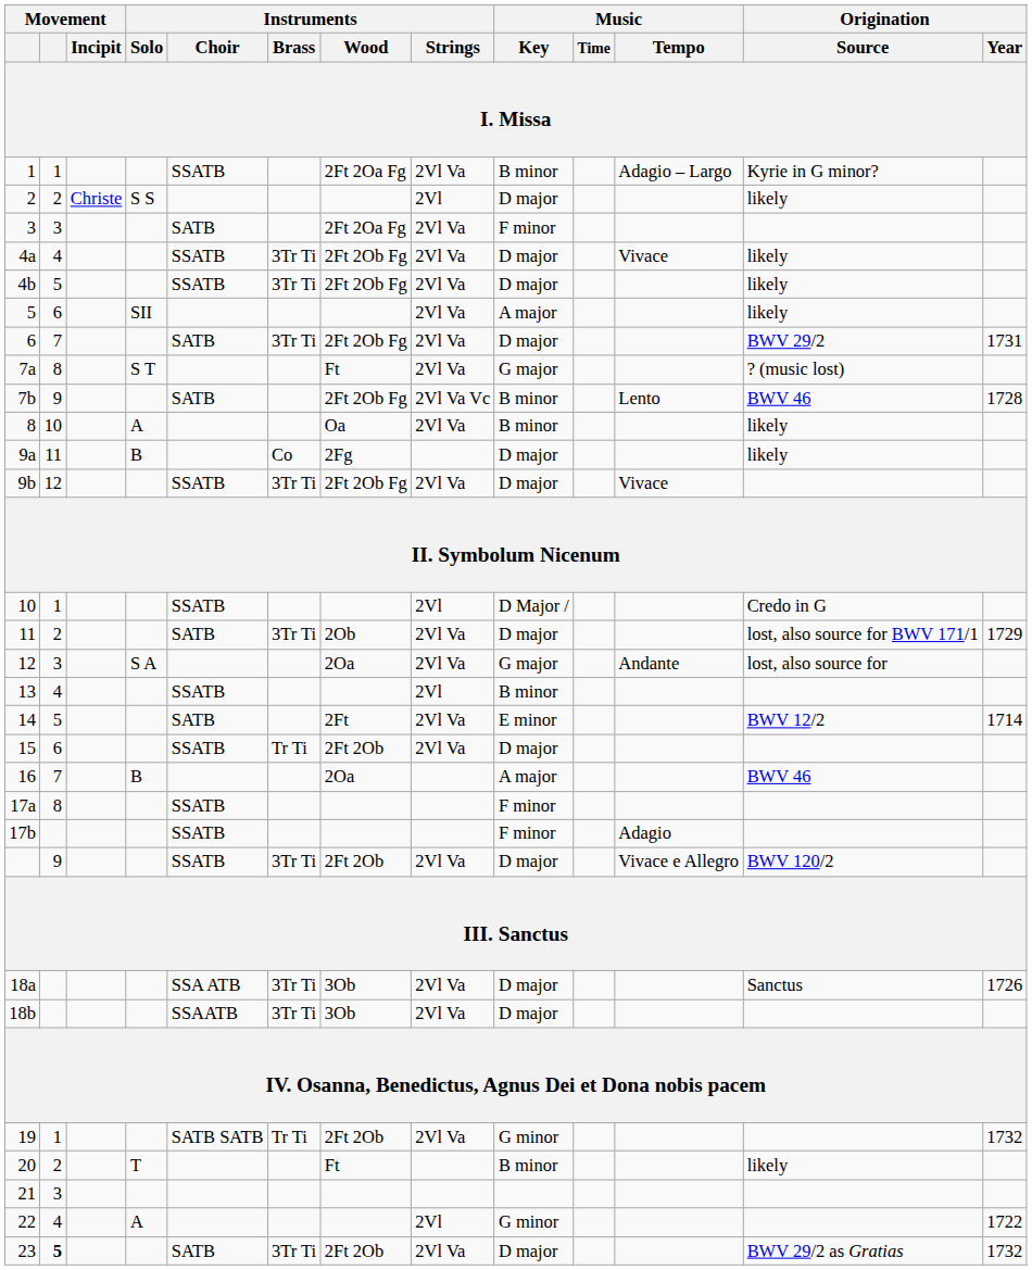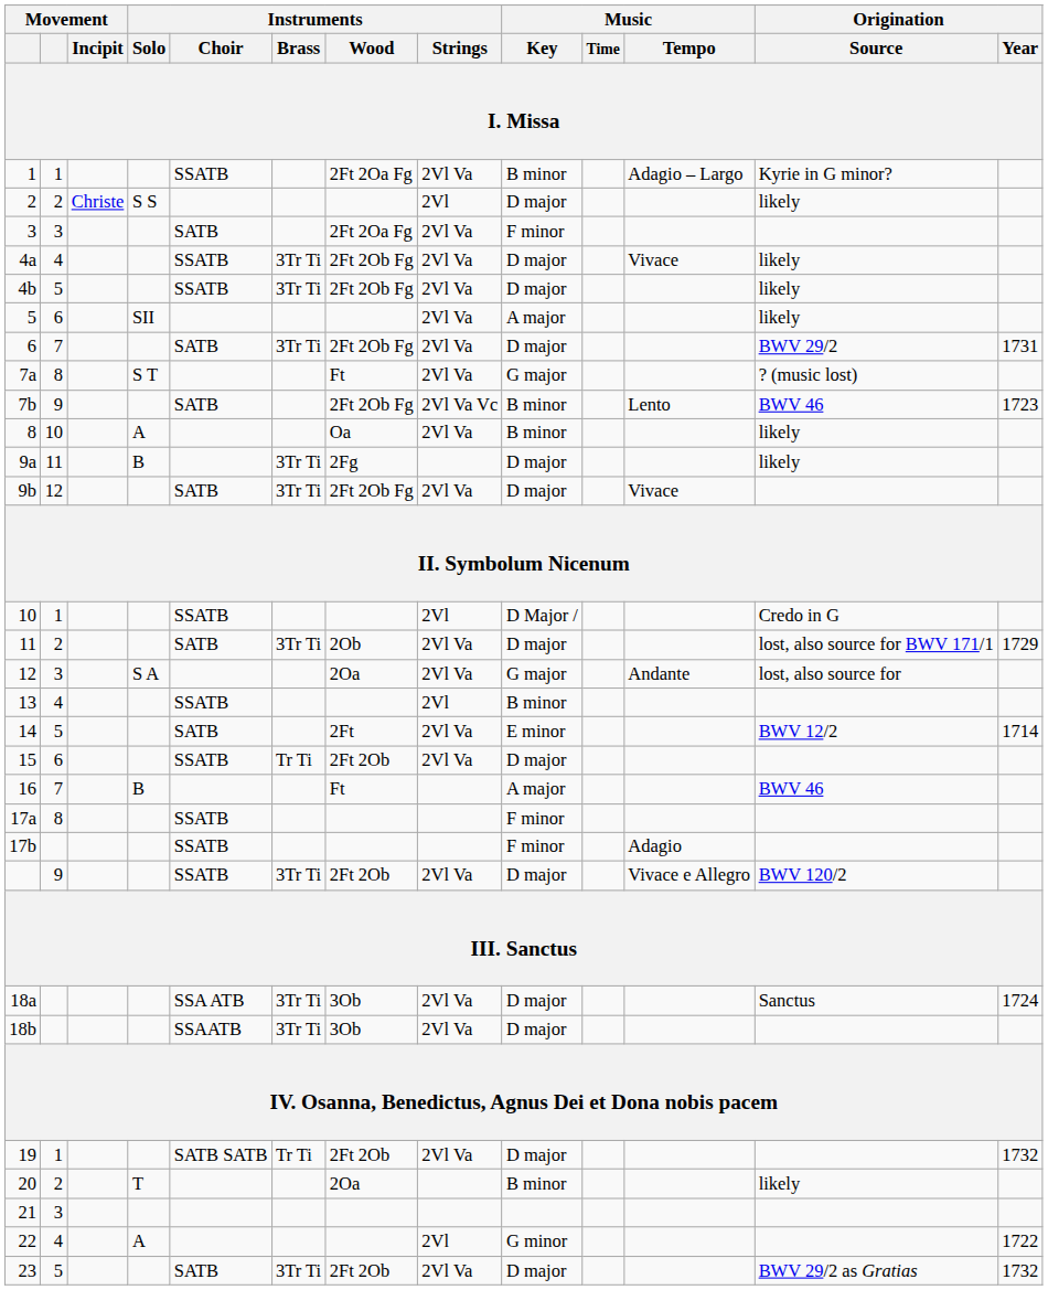 <table class="wikitable">
 <tr>
 </tr>
 <tr>
 <th colspan="3">Movement</th>
 <th colspan="5">Instruments</th>
 <th colspan="3">Music</th>
 <th colspan="2">Origination</th>
 </tr>
 <tr>
 <th scope="col"><small></small></th>
 <th scope="col"><small></small></th>
 <th scope="col">Incipit</th>
 <th scope="col">Solo</th>
 <th scope="col">Choir</th>
 <th scope="col">Brass</th>
 <th scope="col">Wood</th>
 <th scope="col">Strings</th>
 <th scope="col">Key</th>
 <th scope="col"><small>Time</small></th>
 <th scope="col">Tempo</th>
 <th scope="col">Source</th>
 <th scope="col">Year</th>
 </tr>
 <tr id="I">
 <th colspan="13"><br><h3>I. Missa</h3></th>
 </tr>
 <tr id ="1">
 <td scope="row" style="text-align: right;">1</td>
 <td style="text-align: right;">1</td>
 <td><strong></strong></td>
 <td></td>
 <td>SSATB</td>
 <td></td>
 <td>2Ft 2Oa Fg</td>
 <td>2Vl Va</td>
 <td>B minor</td>
 <td align="center"></td>
 <td>Adagio – Largo</td>
 <td>Kyrie in G minor?</td>
 <td></td>
 </tr>
 <tr id ="2">
 <td scope="row" style="text-align: right;">2</td>
 <td style="text-align: right;">2</td>
 <td><a href='#'>Christe</a></td>
 <td>S S</td>
 <td></td>
 <td></td>
 <td></td>
 <td>2Vl</td>
 <td>D major</td>
 <td align="center"></td>
 <td></td>
 <td>likely</td>
 <td></td>
 </tr>
 <tr id ="3">
 <td scope="row" style="text-align: right;">3</td>
 <td style="text-align: right;">3</td>
 <td></td>
 <td></td>
 <td>SATB</td>
 <td></td>
 <td>2Ft 2Oa Fg</td>
 <td>2Vl Va</td>
 <td>F minor</td>
 <td align="center"></td>
 <td></td>
 <td></td>
 <td></td>
 </tr>
 <tr id ="4">
 <td scope="row" style="text-align: right;">4a</td>
 <td style="text-align: right;">4</td>
 <td><strong></strong></td>
 <td></td>
 <td>SSATB</td>
 <td>3Tr Ti</td>
 <td>2Ft 2Ob Fg</td>
 <td>2Vl Va</td>
 <td>D major</td>
 <td align="center"></td>
 <td>Vivace</td>
 <td>likely</td>
 <td></td>
 </tr>
 <tr id ="4b">
 <td scope="row" style="text-align: right;">4b</td>
 <td style="text-align: right;">5</td>
 <td></td>
 <td></td>
 <td>SSATB</td>
 <td>3Tr Ti</td>
 <td>2Ft 2Ob Fg</td>
 <td>2Vl Va</td>
 <td>D major</td>
 <td align="center"></td>
 <td></td>
 <td>likely</td>
 <td></td>
 </tr>
 <tr id ="5">
 <td scope="row" style="text-align: right;">5</td>
 <td style="text-align: right;">6</td>
 <td></td>
 <td>SII</td>
 <td></td>
 <td></td>
 <td></td>
 <td>2Vl Va</td>
 <td>A major</td>
 <td align="center"></td>
 <td></td>
 <td>likely</td>
 <td></td>
 </tr>
 <tr id ="6">
 <td scope="row" style="text-align: right;">6</td>
 <td style="text-align: right;">7</td>
 <td></td>
 <td></td>
 <td>SATB</td>
 <td>3Tr Ti</td>
 <td>2Ft 2Ob Fg</td>
 <td>2Vl Va</td>
 <td>D major</td>
 <td align="center"></td>
 <td></td>
 <td><a href='#'>BWV 29</a>/2</td>
 <td>1731</td>
 </tr>
 <tr id ="7">
 <td scope="row" style="text-align: right;">7a</td>
 <td style="text-align: right;">8</td>
 <td></td>
 <td>S T</td>
 <td></td>
 <td></td>
 <td>Ft</td>
 <td>2Vl Va</td>
 <td>G major</td>
 <td align="center"></td>
 <td></td>
 <td>? (music lost)</td>
 <td></td>
 </tr>
 <tr id ="7b">
 <td scope="row" style="text-align: right;">7b</td>
 <td style="text-align: right;">9</td>
 <td></td>
 <td></td>
 <td>SATB</td>
 <td></td>
 <td>2Ft 2Ob Fg</td>
 <td>2Vl Va Vc</td>
 <td>B minor</td>
 <td align="center"></td>
 <td>Lento</td>
 <td><a href='#'>BWV 46</a></td>
-<td>1728</td>
+<td>1723</td>
 </tr>
 <tr id ="8">
 <td scope="row" style="text-align: right;">8</td>
 <td style="text-align: right;">10</td>
 <td></td>
 <td>A</td>
 <td></td>
 <td></td>
 <td>Oa</td>
 <td>2Vl Va</td>
 <td>B minor</td>
 <td align="center"></td>
 <td></td>
 <td>likely</td>
 <td></td>
 </tr>
 <tr id ="9">
 <td scope="row" style="text-align: right;">9a</td>
 <td style="text-align: right;">11</td>
 <td></td>
 <td>B</td>
 <td></td>
-<td>Co</td>
+<td>3Tr Ti</td>
 <td>2Fg</td>
 <td></td>
 <td>D major</td>
 <td align="center"></td>
 <td></td>
 <td>likely</td>
 <td></td>
 </tr>
 <tr id ="9b">
 <td scope="row" style="text-align: right;">9b</td>
 <td style="text-align: right;">12</td>
 <td></td>
 <td></td>
-<td>SSATB</td>
+<td>SATB</td>
 <td>3Tr Ti</td>
 <td>2Ft 2Ob Fg</td>
 <td>2Vl Va</td>
 <td>D major</td>
 <td align="center"></td>
 <td>Vivace</td>
 <td></td>
 <td></td>
 </tr>
 <tr id="II">
 <th colspan="13"><br><h3>II. Symbolum Nicenum</h3></th>
 </tr>
 <tr id ="10">
 <td scope="row" style="text-align: right;">10</td>
 <td style="text-align: right;">1</td>
 <td></td>
 <td></td>
 <td>SSATB</td>
 <td></td>
 <td></td>
 <td>2Vl</td>
 <td>D Major / </td>
 <td align="center"></td>
 <td></td>
 <td>Credo in G</td>
 <td></td>
 </tr>
 <tr id ="11">
 <td scope="row" style="text-align: right;">11</td>
 <td style="text-align: right;">2</td>
 <td></td>
 <td></td>
 <td>SATB</td>
 <td>3Tr Ti</td>
 <td>2Ob</td>
 <td>2Vl Va</td>
 <td>D major</td>
 <td align="center"></td>
 <td></td>
 <td>lost, also source for <a href='#'>BWV 171</a>/1</td>
 <td>1729</td>
 </tr>
 <tr id ="12">
 <td scope="row" style="text-align: right;">12</td>
 <td style="text-align: right;">3</td>
 <td></td>
 <td>S A</td>
 <td></td>
 <td></td>
 <td>2Oa</td>
 <td>2Vl Va</td>
 <td>G major</td>
 <td align="center"></td>
 <td>Andante</td>
 <td>lost, also source for </td>
 <td></td>
 </tr>
 <tr id ="13">
 <td scope="row" style="text-align: right;">13</td>
 <td style="text-align: right;">4</td>
 <td></td>
 <td></td>
 <td>SSATB</td>
 <td></td>
 <td></td>
 <td>2Vl</td>
 <td>B minor</td>
 <td align="center"></td>
 <td></td>
 <td></td>
 <td></td>
 </tr>
 <tr id ="14">
 <td scope="row" style="text-align: right;">14</td>
 <td style="text-align: right;">5</td>
 <td></td>
 <td></td>
 <td>SATB</td>
 <td></td>
 <td>2Ft</td>
 <td>2Vl Va</td>
 <td>E minor</td>
 <td align="center"></td>
 <td></td>
 <td><a href='#'>BWV 12</a>/2</td>
 <td>1714</td>
 </tr>
 <tr id ="15">
 <td scope="row" style="text-align: right;">15</td>
 <td style="text-align: right;">6</td>
 <td></td>
 <td></td>
 <td>SSATB</td>
 <td>Tr Ti</td>
 <td>2Ft 2Ob</td>
 <td>2Vl Va</td>
 <td>D major</td>
 <td align="center"></td>
 <td></td>
 <td></td>
 <td></td>
 </tr>
 <tr id ="16">
 <td scope="row" style="text-align: right;">16</td>
 <td style="text-align: right;">7</td>
 <td></td>
 <td>B</td>
 <td></td>
 <td></td>
-<td>2Oa</td>
+<td>Ft</td>
 <td></td>
 <td>A major</td>
 <td align="center"></td>
 <td></td>
 <td><a href='#'>BWV 46</a></td>
 <td></td>
 </tr>
 <tr id ="17">
 <td scope="row" style="text-align: right;">17a</td>
 <td style="text-align: right;">8</td>
 <td></td>
 <td></td>
 <td>SSATB</td>
 <td></td>
 <td></td>
 <td></td>
 <td>F minor</td>
 <td align="center"></td>
 <td></td>
 <td></td>
 <td></td>
 </tr>
 <tr id ="17b">
 <td scope="row" style="text-align: right;">17b</td>
 <td style="text-align: right;"></td>
 <td></td>
 <td></td>
 <td>SSATB</td>
 <td></td>
 <td></td>
 <td></td>
 <td>F minor</td>
 <td align="center"></td>
 <td>Adagio</td>
 <td></td>
 <td></td>
 </tr>
 <tr id ="17c">
 <td scope="row" style="text-align: right;"></td>
 <td style="text-align: right;">9</td>
 <td></td>
 <td></td>
 <td>SSATB</td>
 <td>3Tr Ti</td>
 <td>2Ft 2Ob</td>
 <td>2Vl Va</td>
 <td>D major</td>
 <td align="center"></td>
 <td>Vivace e Allegro</td>
 <td><a href='#'>BWV 120</a>/2</td>
 <td></td>
 </tr>
 <tr id="III">
 <th colspan="13"><br><h3>III. Sanctus</h3></th>
 </tr>
 <tr id ="18">
 <td scope="row" style="text-align: right;">18a</td>
 <td style="text-align: right;"></td>
 <td><strong></strong></td>
 <td></td>
 <td>SSA ATB</td>
 <td>3Tr Ti</td>
 <td>3Ob</td>
 <td>2Vl Va</td>
 <td>D major</td>
 <td align="center"></td>
 <td></td>
 <td>Sanctus</td>
-<td>1726</td>
+<td>1724</td>
 </tr>
 <tr id ="18b">
 <td scope="row" style="text-align: right;">18b</td>
 <td style="text-align: right;"></td>
 <td></td>
 <td></td>
 <td>SSAATB</td>
 <td>3Tr Ti</td>
 <td>3Ob</td>
 <td>2Vl Va</td>
 <td>D major</td>
 <td align="center"></td>
 <td></td>
 <td></td>
 <td></td>
 </tr>
 <tr id="IV">
 <th colspan="13"><br><h3>IV. Osanna, Benedictus, Agnus Dei et Dona nobis pacem</h3></th>
 </tr>
 <tr id ="19">
 <td scope="row" style="text-align: right;">19</td>
 <td style="text-align: right;">1</td>
 <td></td>
 <td></td>
 <td>SATB SATB</td>
 <td>Tr Ti</td>
 <td>2Ft 2Ob</td>
 <td>2Vl Va</td>
-<td>G minor</td>
+<td>D major</td>
 <td align="center"></td>
 <td></td>
 <td> </td>
 <td>1732</td>
 </tr>
 <tr id ="20">
 <td scope="row" style="text-align: right;">20</td>
 <td style="text-align: right;">2</td>
 <td></td>
 <td>T</td>
 <td></td>
 <td></td>
-<td>Ft</td>
+<td>2Oa</td>
 <td></td>
 <td>B minor</td>
 <td align="center"></td>
 <td></td>
 <td>likely</td>
 <td></td>
 </tr>
 <tr id ="21">
 <td scope="row" style="text-align: right;">21</td>
 <td style="text-align: right;">3</td>
 <td></td>
 <td></td>
 <td></td>
 <td></td>
 <td></td>
 <td></td>
 <td></td>
 <td></td>
 <td></td>
 <td></td>
 <td></td>
 </tr>
 <tr id ="22">
 <td scope="row" style="text-align: right;">22</td>
 <td style="text-align: right;">4</td>
 <td><strong></strong></td>
 <td>A</td>
 <td></td>
 <td></td>
 <td></td>
 <td>2Vl</td>
 <td>G minor</td>
 <td align="center"></td>
 <td></td>
 <td></td>
 <td>1722</td>
 </tr>
 <tr id ="23">
 <td scope="row" style="text-align: right;">23</td>
-<td style="text-align: right;"><strong>5</strong></td>
+<td style="text-align: right;">5</td>
 <td></td>
 <td></td>
 <td>SATB</td>
 <td>3Tr Ti</td>
 <td>2Ft 2Ob</td>
 <td>2Vl Va</td>
 <td>D major</td>
 <td align="center"></td>
 <td></td>
 <td><a href='#'>BWV 29</a>/2 as <em>Gratias</em></td>
 <td>1732</td>
 </tr>
 </table>
